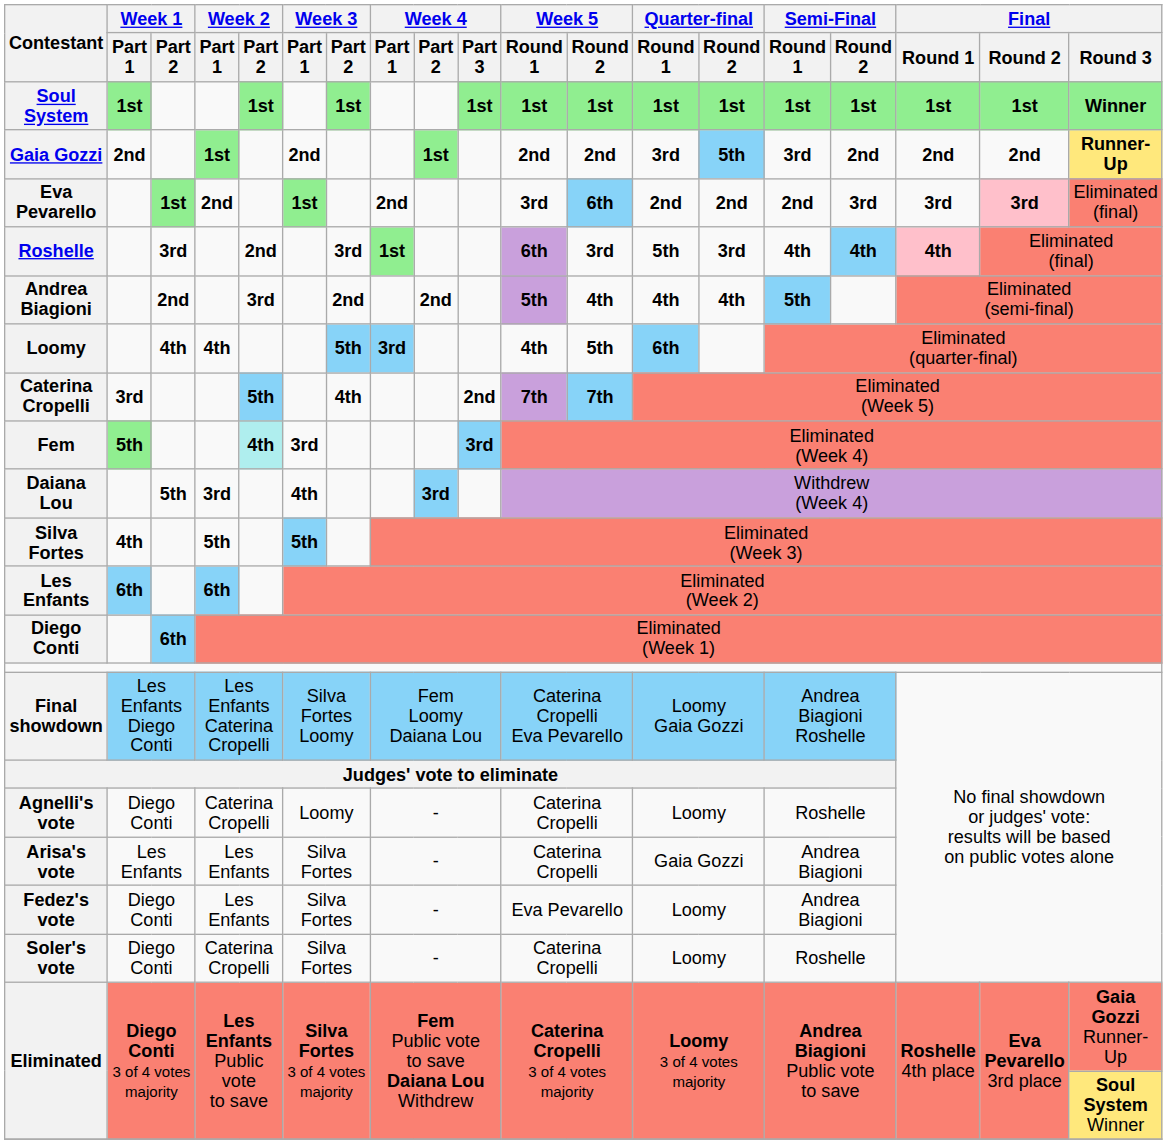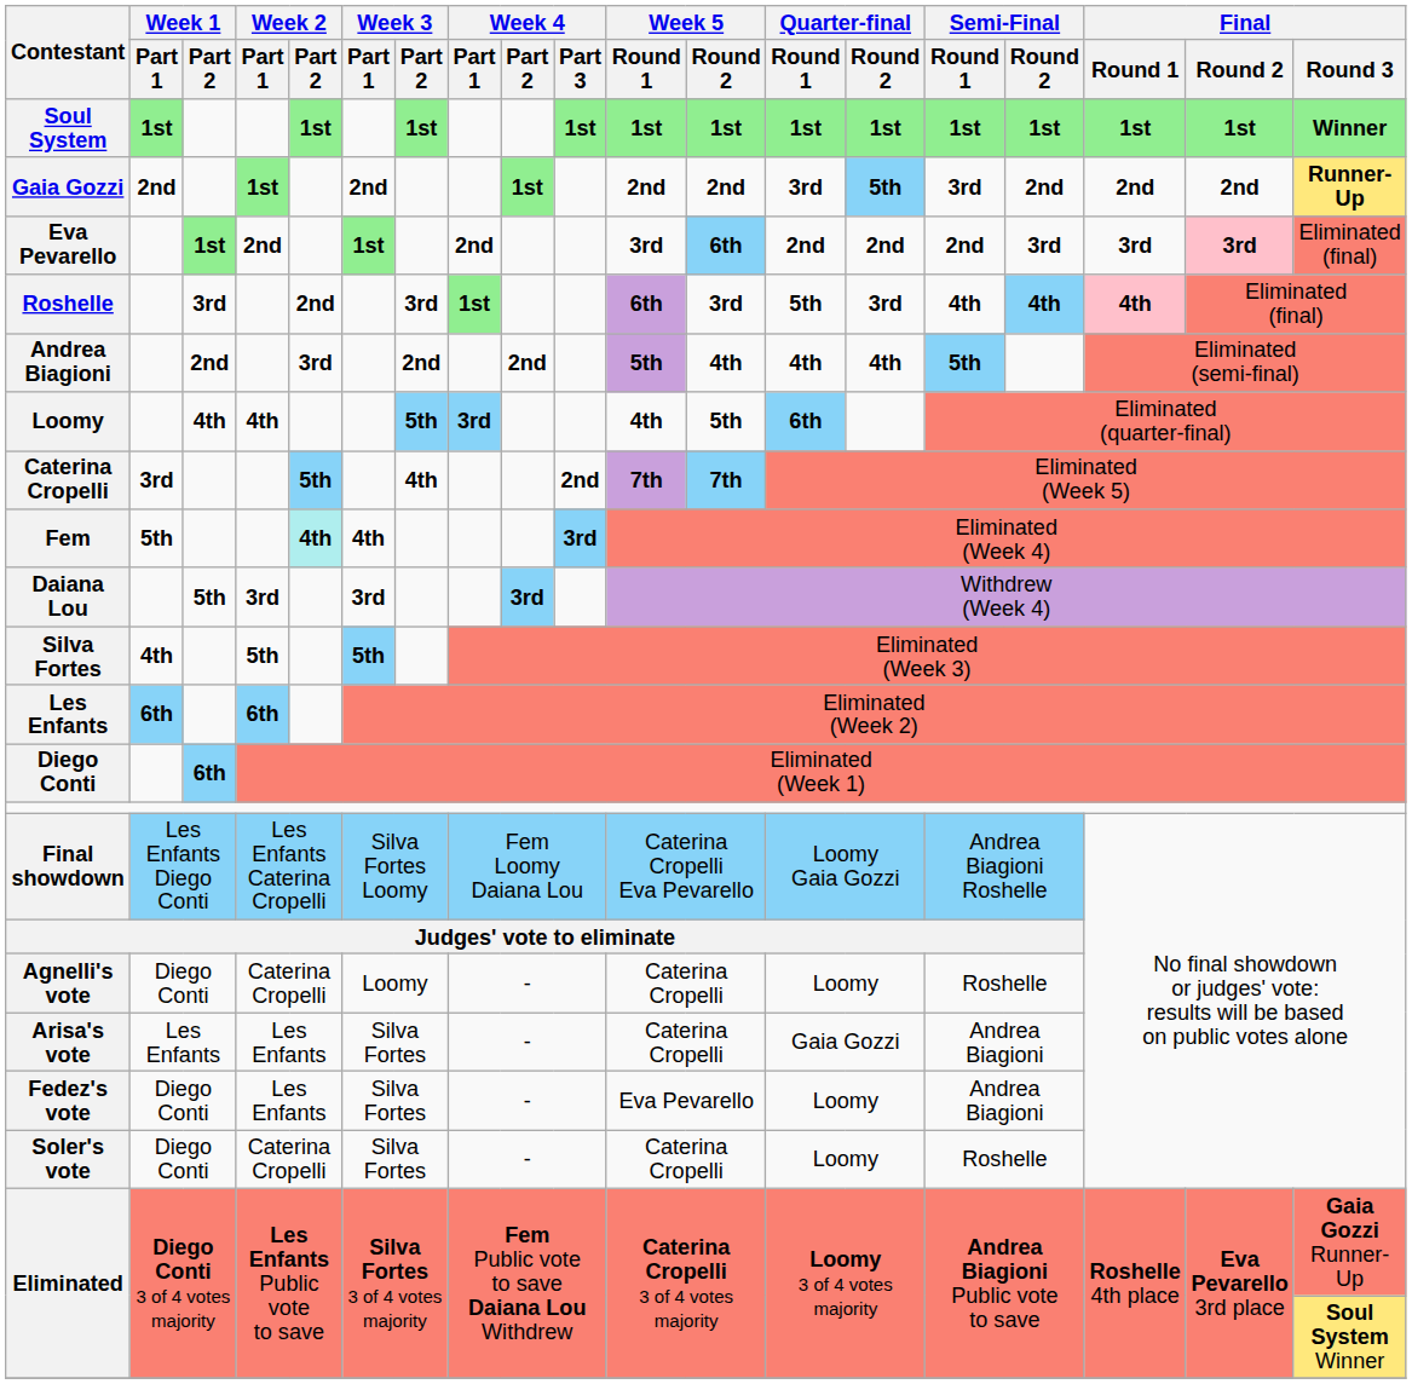 <table class="wikitable" style="text-align:center; font-size:85%">
 <tr>
 <th rowspan="2" style="width:10em;">Contestant</th>
 <th colspan="2"><a href='#'>Week 1</a></th>
 <th colspan="2"><a href='#'>Week 2</a></th>
 <th colspan="2"><a href='#'>Week 3</a></th>
 <th colspan="3"><a href='#'>Week 4</a></th>
 <th colspan="2"><a href='#'>Week 5</a></th>
 <th colspan="2"><a href='#'>Quarter-final</a></th>
 <th colspan="2"><a href='#'>Semi-Final</a></th>
 <th colspan="3"><a href='#'>Final</a></th>
 </tr>
 <tr>
 <th>Part 1</th>
 <th>Part 2</th>
 <th>Part 1</th>
 <th>Part 2</th>
 <th>Part 1</th>
 <th>Part 2</th>
 <th>Part 1</th>
 <th>Part 2</th>
 <th>Part 3</th>
 <th>Round 1</th>
 <th>Round 2</th>
 <th>Round 1</th>
 <th>Round 2</th>
 <th>Round 1</th>
 <th>Round 2</th>
 <th>Round 1</th>
 <th>Round 2</th>
 <th>Round 3</th>
 </tr>
 <tr>
 <th><a href='#'>Soul System</a></th>
 <td style="background:lightgreen;"><strong>1st</strong></td>
 <td></td>
 <td></td>
 <td style="background:lightgreen;"><strong>1st</strong></td>
 <td></td>
 <td style="background:lightgreen;"><strong>1st</strong></td>
 <td></td>
 <td></td>
 <td style="background:lightgreen;"><strong>1st</strong></td>
 <td style="background:lightgreen;"><strong>1st</strong></td>
 <td style="background:lightgreen;"><strong>1st</strong></td>
 <td style="background:lightgreen;"><strong>1st</strong></td>
 <td style="background:lightgreen;"><strong>1st</strong></td>
 <td style="background:lightgreen;"><strong>1st</strong></td>
 <td style="background:lightgreen;"><strong>1st</strong></td>
 <td style="background:lightgreen;"><strong>1st</strong></td>
 <td style="background:lightgreen;"><strong>1st</strong></td>
 <td style="background:lightgreen;"><strong>Winner</strong></td>
 </tr>
 <tr>
 <th><a href='#'>Gaia Gozzi</a></th>
 <td><strong>2nd</strong></td>
 <td></td>
 <td style="background:lightgreen;"><strong>1st</strong></td>
 <td></td>
 <td><strong>2nd</strong></td>
 <td></td>
 <td></td>
 <td style="background:lightgreen;"><strong>1st</strong></td>
 <td></td>
 <td><strong>2nd</strong></td>
 <td><strong>2nd</strong></td>
 <td><strong>3rd</strong></td>
 <td style="background:#87D3F8"><strong>5th</strong></td>
 <td><strong>3rd</strong></td>
 <td><strong>2nd</strong></td>
 <td><strong>2nd</strong></td>
 <td><strong>2nd</strong></td>
 <td style="background:#FFE87C"><strong>Runner-Up</strong></td>
 </tr>
 <tr>
 <th>Eva Pevarello</th>
 <td></td>
 <td style="background:lightgreen;"><strong>1st</strong></td>
 <td><strong>2nd</strong></td>
 <td></td>
 <td style="background:lightgreen;"><strong>1st</strong></td>
 <td></td>
 <td><strong>2nd</strong></td>
 <td></td>
 <td></td>
 <td><strong>3rd</strong></td>
 <td style="background:#87D3F8"><strong>6th</strong></td>
 <td><strong>2nd</strong></td>
 <td><strong>2nd</strong></td>
 <td><strong>2nd</strong></td>
 <td><strong>3rd</strong></td>
 <td><strong>3rd</strong></td>
 <td style="background:pink"><strong>3rd</strong></td>
 <td style="background:#FA8072" colspan=4>Eliminated<br>(final)</td>
 </tr>
 <tr>
 <th><a href='#'>Roshelle</a></th>
 <td></td>
 <td><strong>3rd</strong></td>
 <td></td>
 <td><strong>2nd</strong></td>
 <td></td>
 <td><strong>3rd</strong></td>
 <td style="background:lightgreen;"><strong>1st</strong></td>
 <td></td>
 <td></td>
 <td style="background:#C9A0DC"><strong>6th</strong></td>
 <td><strong>3rd</strong></td>
 <td><strong>5th</strong></td>
 <td><strong>3rd</strong></td>
 <td><strong>4th</strong></td>
 <td style="background:#87D3F8"><strong>4th</strong></td>
 <td style="background:pink"><strong>4th</strong></td>
 <td style="background:#FA8072" colspan=4>Eliminated<br>(final)</td>
 </tr>
 <tr>
 <th>Andrea Biagioni</th>
 <td></td>
 <td><strong>2nd</strong></td>
 <td></td>
 <td><strong>3rd</strong></td>
 <td></td>
 <td><strong>2nd</strong></td>
 <td></td>
 <td><strong>2nd</strong></td>
 <td></td>
 <td style="background:#C9A0DC"><strong>5th</strong></td>
 <td><strong>4th</strong></td>
 <td><strong>4th</strong></td>
 <td><strong>4th</strong></td>
 <td style="background:#87D3F8"><strong>5th</strong></td>
 <td></td>
 <td style="background:#FA8072" colspan=4>Eliminated<br>(semi-final)</td>
 </tr>
 <tr>
 <th>Loomy</th>
 <td></td>
 <td><strong>4th</strong></td>
 <td><strong>4th</strong></td>
 <td></td>
 <td></td>
 <td style="background:#87D3F8"><strong>5th</strong></td>
 <td style="background:#87D3F8"><strong>3rd</strong></td>
 <td></td>
 <td></td>
 <td><strong>4th</strong></td>
 <td><strong>5th</strong></td>
 <td style="background:#87D3F8"><strong>6th</strong></td>
 <td></td>
 <td style="background:#FA8072" colspan=6>Eliminated<br>(quarter-final)</td>
 </tr>
 <tr>
 <th>Caterina Cropelli</th>
 <td><strong>3rd</strong></td>
 <td></td>
 <td></td>
 <td style="background:#87D3F8"><strong>5th</strong></td>
 <td></td>
 <td><strong>4th</strong></td>
 <td></td>
 <td></td>
 <td><strong>2nd</strong></td>
 <td style="background:#C9A0DC"><strong>7th</strong></td>
 <td style="background:#87D3F8"><strong>7th</strong></td>
 <td style="background:#FA8072" colspan=8>Eliminated<br>(Week 5)</td>
 </tr>
 <tr>
 <th>Fem</th>
-<td style="background: lightgreen;"><strong>5th</strong></td>
+<td><strong>5th</strong></td>
 <td></td>
 <td></td>
 <td style="background: paleturquoise;"><strong>4th</strong></td>
-<td><strong>3rd</strong></td>
+<td><strong>4th</strong></td>
 <td></td>
 <td></td>
 <td></td>
 <td style="background:#87D3F8"><strong>3rd</strong></td>
 <td style="background:#FA8072" colspan=9>Eliminated<br>(Week 4)</td>
 </tr>
 <tr>
 <th>Daiana Lou</th>
 <td></td>
 <td><strong>5th</strong></td>
 <td><strong>3rd</strong></td>
 <td></td>
-<td><strong>4th</strong></td>
+<td><strong>3rd</strong></td>
 <td></td>
 <td></td>
 <td style="background:#87D3F8"><strong>3rd</strong></td>
 <td></td>
 <td style="background:#C9A0DC" colspan=9>Withdrew<br>(Week 4)</td>
 </tr>
 <tr>
 <th>Silva Fortes</th>
 <td><strong>4th</strong></td>
 <td></td>
 <td><strong>5th</strong></td>
 <td></td>
 <td style="background:#87D3F8"><strong>5th</strong></td>
 <td></td>
 <td style="background:#FA8072" colspan=12>Eliminated<br>(Week 3)</td>
 </tr>
 <tr>
 <th>Les Enfants</th>
 <td style="background:#87D3F8"><strong>6th</strong></td>
 <td></td>
 <td style="background:#87D3F8"><strong>6th</strong></td>
 <td></td>
 <td style="background:#FA8072" colspan=14>Eliminated<br>(Week 2)</td>
 </tr>
 <tr>
 <th>Diego Conti</th>
 <td></td>
 <td style="background:#87D3F8"><strong>6th</strong></td>
 <td style="background:#FA8072" colspan=16>Eliminated<br>(Week 1)</td>
 </tr>
 <tr>
 <td colspan="21"></td>
 </tr>
 <tr>
 <th>Final showdown</th>
 <td style="background:#87D3F8" colspan="2">Les Enfants<br>Diego Conti</td>
 <td style="background:#87D3F8" colspan="2">Les Enfants<br> Caterina Cropelli</td>
 <td style="background:#87D3F8" colspan="2">Silva Fortes<br> Loomy</td>
 <td style="background:#87D3F8" colspan="3">Fem<br> Loomy <br>Daiana Lou</td>
 <td style="background:#87D3F8" colspan="2">Caterina Cropelli<br>Eva Pevarello</td>
 <td style="background:#87D3F8" colspan="2">Loomy<br>Gaia Gozzi</td>
 <td style="background:#87D3F8" colspan="2">Andrea Biagioni<br>Roshelle</td>
 <td rowspan="6" colspan="4">No final showdown<br>or judges' vote:<br>results will be based<br>on public votes alone</td>
 </tr>
 <tr>
 <th colspan="16">Judges' vote to eliminate</th>
 </tr>
 <tr>
 <th>Agnelli's vote</th>
 <td colspan="2">Diego Conti</td>
 <td colspan="2">Caterina Cropelli</td>
 <td colspan="2">Loomy</td>
 <td colspan="3">-</td>
 <td colspan="2">Caterina Cropelli</td>
 <td colspan="2">Loomy</td>
 <td colspan="2">Roshelle</td>
 </tr>
 <tr>
 <th>Arisa's vote</th>
 <td colspan="2">Les Enfants</td>
 <td colspan="2">Les Enfants</td>
 <td colspan="2">Silva Fortes</td>
 <td colspan="3">-</td>
 <td colspan="2">Caterina Cropelli</td>
 <td colspan="2">Gaia Gozzi</td>
 <td colspan="2">Andrea Biagioni</td>
 </tr>
 <tr>
 <th>Fedez's vote</th>
 <td colspan="2">Diego Conti</td>
 <td colspan="2">Les Enfants</td>
 <td colspan="2">Silva Fortes</td>
 <td colspan="3">-</td>
 <td colspan="2">Eva Pevarello</td>
 <td colspan="2">Loomy</td>
 <td colspan="2">Andrea Biagioni</td>
 </tr>
 <tr>
 <th>Soler's vote</th>
 <td colspan="2">Diego Conti</td>
 <td colspan="2">Caterina Cropelli</td>
 <td colspan="2">Silva Fortes</td>
 <td colspan="3">-</td>
 <td colspan="2">Caterina Cropelli</td>
 <td colspan="2">Loomy</td>
 <td colspan="2">Roshelle</td>
 </tr>
 <tr>
 <th rowspan=2>Eliminated</th>
 <td style="background:#FA8072" rowspan=2 colspan=2><strong>Diego Conti</strong><br><small>3 of 4 votes<br>majority</small></td>
 <td style="background:#FA8072" rowspan=2 colspan=2><strong>Les Enfants</strong><br>Public vote<br>to save</td>
 <td style="background:#FA8072" rowspan=2 colspan=2><strong>Silva Fortes</strong><br><small>3 of 4 votes<br>majority</small></td>
 <td style="background:#FA8072" rowspan=2 colspan=3><strong>Fem</strong><br>Public vote<br>to save<br><strong>Daiana Lou</strong><br>Withdrew</td>
 <td style="background:#FA8072"  rowspan=2 colspan=2><strong>Caterina Cropelli</strong><br><small>3 of 4 votes<br>majority</small></td>
 <td style="background:#FA8072" rowspan=2 colspan=2><strong>Loomy</strong><br><small>3 of 4 votes<br>majority</small></td>
 <td style="background:#FA8072" rowspan=2 colspan=2><strong>Andrea Biagioni</strong><br>Public vote<br>to save</td>
 <td style="background:#FA8072" rowspan=2><strong>Roshelle</strong><br>4th place</td>
 <td style="background:#FA8072" rowspan=2><strong>Eva Pevarello</strong><br>3rd place</td>
 <td style="background:#FA8072"><strong>Gaia Gozzi</strong><br>Runner-Up</td>
 </tr>
 <tr>
 <td style="background:#FFE87C; width:5%"><strong>Soul System</strong><br>Winner</td>
 </tr>
 <tr>
 </tr>
 </table>
